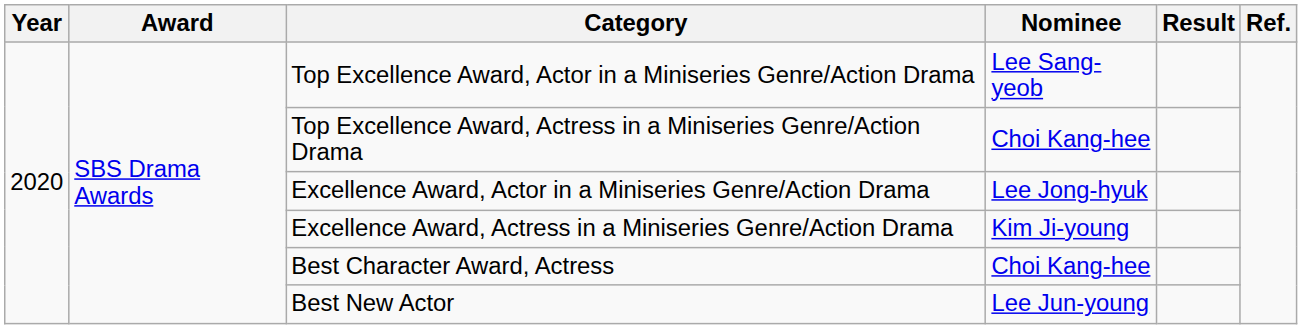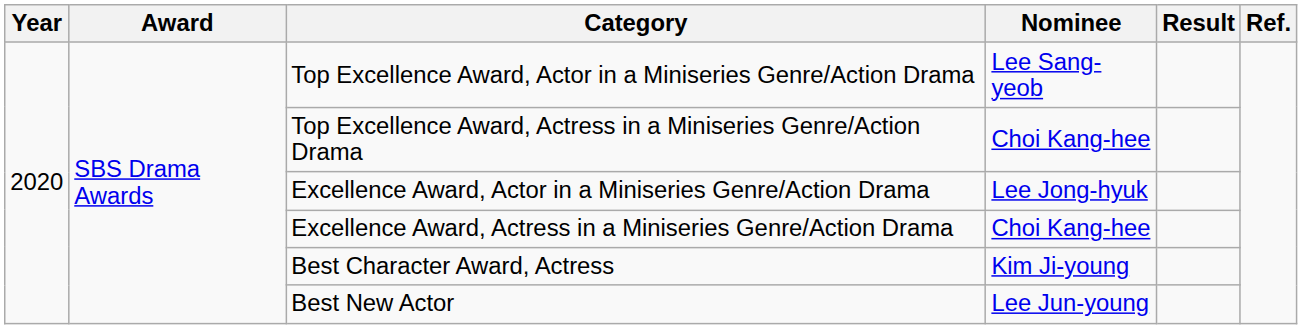 <table class="wikitable">
 <tr>
 <th>Year</th>
 <th>Award</th>
 <th>Category</th>
 <th>Nominee</th>
 <th>Result</th>
 <th>Ref.</th>
 </tr>
 <tr>
 <td rowspan=6>2020</td>
 <td rowspan=6><a href='#'>SBS Drama Awards</a></td>
 <td>Top Excellence Award, Actor in a Miniseries Genre/Action Drama</td>
 <td><a href='#'>Lee Sang-yeob</a></td>
 <td></td>
 <td rowspan=6></td>
 </tr>
 <tr>
 <td>Top Excellence Award, Actress in a Miniseries Genre/Action Drama</td>
 <td><a href='#'>Choi Kang-hee</a></td>
 <td></td>
 </tr>
 <tr>
 <td>Excellence Award, Actor in a Miniseries Genre/Action Drama</td>
 <td><a href='#'>Lee Jong-hyuk</a></td>
 <td></td>
 </tr>
 <tr>
 <td>Excellence Award, Actress in a Miniseries Genre/Action Drama</td>
-<td><a href='#'>Kim Ji-young</a></td>
+<td><a href='#'>Choi Kang-hee</a></td>
 <td></td>
 </tr>
 <tr>
 <td>Best Character Award, Actress</td>
-<td><a href='#'>Choi Kang-hee</a></td>
+<td><a href='#'>Kim Ji-young</a></td>
 <td></td>
 </tr>
 <tr>
 <td>Best New Actor</td>
 <td><a href='#'>Lee Jun-young</a></td>
 <td></td>
 </tr>
 </table>
